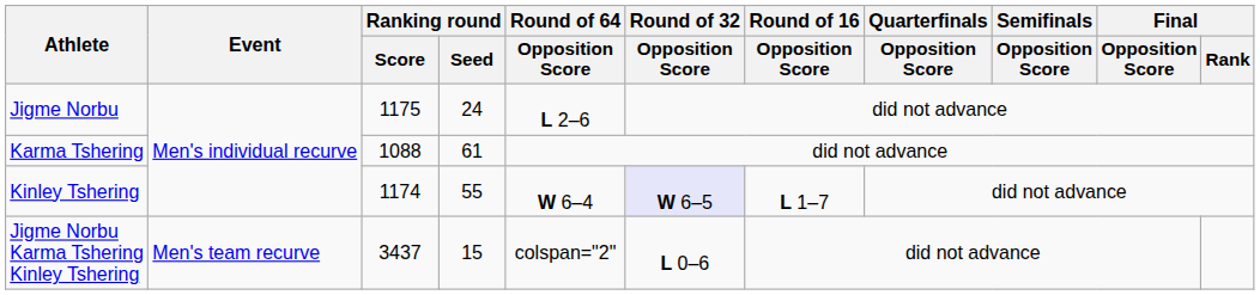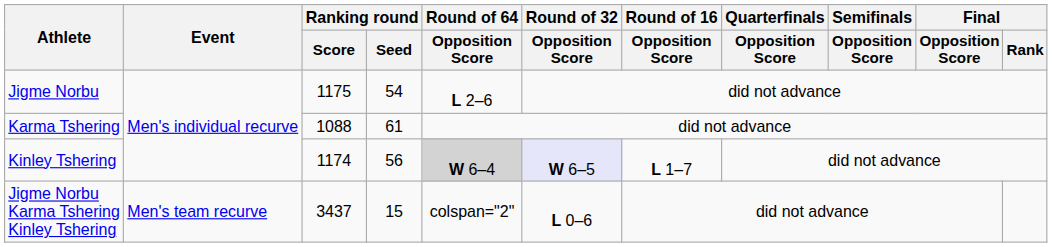 <table class="wikitable" style="font-size:90%">
 <tr>
 <th rowspan="2">Athlete</th>
 <th rowspan="2">Event</th>
 <th colspan="2">Ranking round</th>
 <th>Round of 64</th>
 <th>Round of 32</th>
 <th>Round of 16</th>
 <th>Quarterfinals</th>
 <th>Semifinals</th>
 <th colspan="2">Final</th>
 </tr>
 <tr style="font-size:95%">
 <th>Score</th>
 <th>Seed</th>
 <th>Opposition<br>Score</th>
 <th>Opposition<br>Score</th>
 <th>Opposition<br>Score</th>
 <th>Opposition<br>Score</th>
 <th>Opposition<br>Score</th>
 <th>Opposition<br>Score</th>
 <th>Rank</th>
 </tr>
 <tr align=center>
 <td align=left><a href='#'>Jigme Norbu</a></td>
 <td align="left" rowspan="3"><a href='#'>Men's individual recurve</a></td>
 <td>1175</td>
-<td>24</td>
+<td>54</td>
 <td><br> <strong>L</strong> 2–6</td>
 <td colspan=6>did not advance</td>
 </tr>
 <tr align=center>
 <td align=left><a href='#'>Karma Tshering</a></td>
 <td>1088</td>
 <td>61</td>
 <td colspan=7>did not advance</td>
 </tr>
 <tr align=center>
 <td align=left><a href='#'>Kinley Tshering</a></td>
 <td>1174</td>
-<td>55</td>
-<td><br> <strong>W</strong> 6–4</td>
+<td>56</td>
+<td style="background: lightgrey;"><br> <strong>W</strong> 6–4</td>
 <td style="background: lavender;"><br> <strong>W</strong> 6–5</td>
 <td><br> <strong>L</strong> 1–7</td>
 <td colspan=4>did not advance</td>
 </tr>
 <tr align=center>
 <td align=left><a href='#'>Jigme Norbu</a><br><a href='#'>Karma Tshering</a><br><a href='#'>Kinley Tshering</a></td>
 <td align="left"><a href='#'>Men's team recurve</a></td>
 <td>3437</td>
 <td>15</td>
 <td>colspan="2" </td>
 <td> <br> <strong>L</strong> 0–6</td>
 <td colspan=4>did not advance</td>
 </tr>
 </table>
